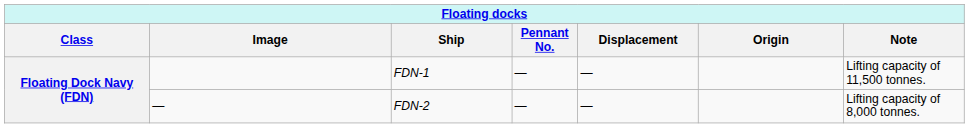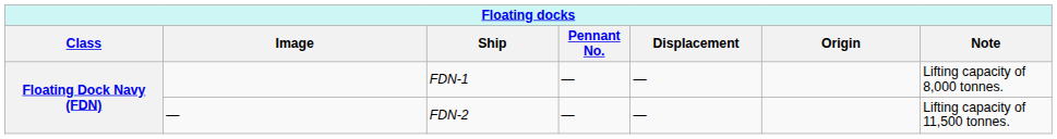 <table class="wikitable" style="margin:auto; width:100%;">
 <tr>
 <th colspan="7" style="align: center; background: #CEF6F5;"><a href='#'>Floating docks</a></th>
 </tr>
 <tr>
 <th style="text-align:center; width:12%;"><a href='#'>Class</a></th>
 <th style="text-align:center; width:20%;">Image</th>
 <th style="text-align:center; width:10%;">Ship</th>
 <th style="text-align:center; width:5%;"><a href='#'>Pennant No.</a></th>
 <th style="text-align:center; width:10%;">Displacement</th>
 <th style="text-align:center; width:12%;">Origin</th>
 <th style="text-align:center; width:10%;">Note</th>
 </tr>
 <tr>
 <th rowspan="2"><strong><a href='#'>Floating Dock Navy (FDN)</a></strong></th>
 <td rowspan="1"></td>
 <td><em>FDN-1</em></td>
 <td>—</td>
 <td rowspan="1">—</td>
 <td rowspan="1"></td>
-<td rowspan="1">Lifting capacity of 11,500 tonnes.</td>
+<td rowspan="1">Lifting capacity of 8,000 tonnes.</td>
 </tr>
 <tr>
 <td rowspan="1">—</td>
 <td><em>FDN-2</em></td>
 <td>—</td>
 <td rowspan="1">—</td>
 <td rowspan="1"></td>
-<td rowspan="1">Lifting capacity of 8,000 tonnes.</td>
+<td rowspan="1">Lifting capacity of 11,500 tonnes.</td>
 </tr>
 </table>
